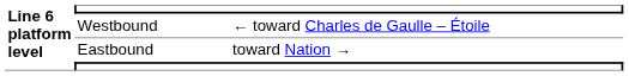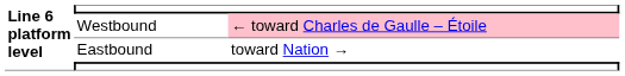 <table border=0 cellspacing=0 cellpadding=3>
 <tr>
 <td style="border-bottom:solid 1px gray;" width=50 rowspan=10 valign=top><strong>Line 6 platform level</strong></td>
 <td style="border-top:solid 1px gray;border-right:solid 2px black;border-left:solid 2px black;border-bottom:solid 2px black;text-align:center;" colspan=2></td>
 </tr>
 <tr>
 <td style="border-bottom:solid 1px gray;" width=150>Westbound</td>
-<td style="border-bottom:solid 1px gray;" width=390>←   toward <a href='#'>Charles de Gaulle – Étoile</a> </td>
+<td style="background: pink; border-bottom:solid 1px gray;" width=390>←   toward <a href='#'>Charles de Gaulle – Étoile</a> </td>
 </tr>
 <tr>
 <td>Eastbound</td>
 <td>   toward <a href='#'>Nation</a>  →</td>
 </tr>
 <tr>
 <td style="border-top:solid 2px black;border-right:solid 2px black;border-left:solid 2px black;border-bottom:solid 1px gray;text-align:center;" colspan=2></td>
 </tr>
 </table>
